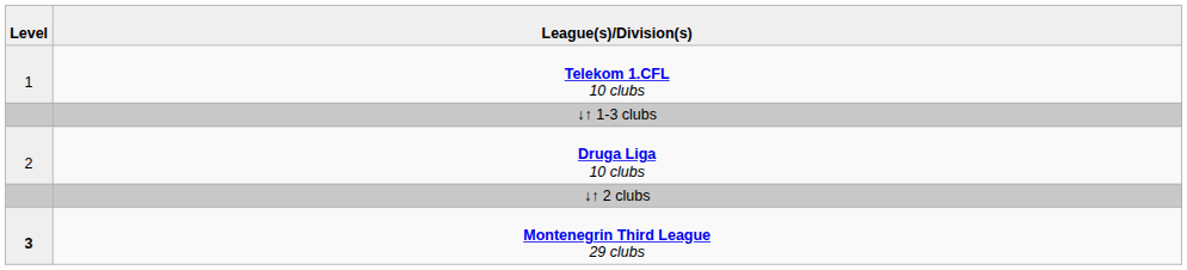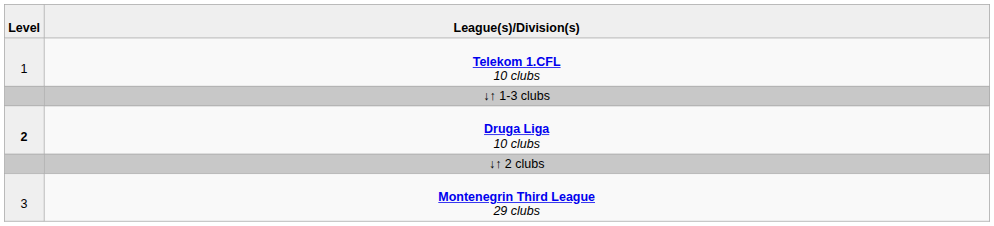 <table class="wikitable" style="text-align:center; width:100%;">
 <tr style="background:#efefef;">
 <td style="width:4%; text-align:center;"><br><strong>Level</strong></td>
 <td colspan="12"  style="width:96%; text-align:center;"><br><strong>League(s)/Division(s)</strong></td>
 </tr>
 <tr>
 <td style="text-align:center; width:4%; background:#efefef;"><br>1</td>
 <td colspan="12"  style="width:96%; text-align:center;"><br><strong><a href='#'>Telekom 1.CFL</a></strong><br> <em>10 clubs</em><br></td>
 </tr>
 <tr style="background:#c8c8c8">
 <td style="width:4%;"></td>
 <td colspan="9" style="width:96%;">↓↑ 1-3 clubs</td>
 </tr>
 <tr>
-<td style="text-align:center; width:4%; background:#efefef;"><br>2</td>
+<td style="text-align:center; width:4%; background:#efefef;"><strong><br>2</strong></td>
 <td colspan="12"  style="width:96%; text-align:center;"><br><strong><a href='#'>Druga Liga</a></strong><br> <em>10 clubs</em><br></td>
 </tr>
 <tr style="background:#c8c8c8">
 <td style="width:4%;"></td>
 <td colspan="9" style="width:96%;">↓↑ 2 clubs</td>
 </tr>
 <tr>
-<td style="text-align:center; width:4%; background:#efefef;"><strong><br>3</strong></td>
+<td style="text-align:center; width:4%; background:#efefef;"><br>3</td>
 <td colspan="12"  style="width:96%; text-align:center;"><br><strong><a href='#'>Montenegrin Third League</a></strong><br> <em>29 clubs</em><br></td>
 </tr>
 </table>
